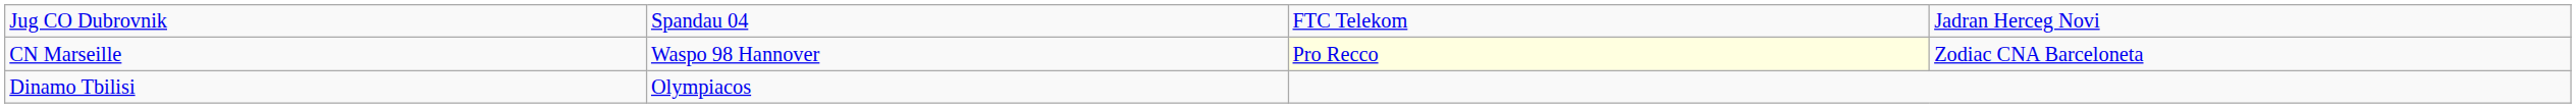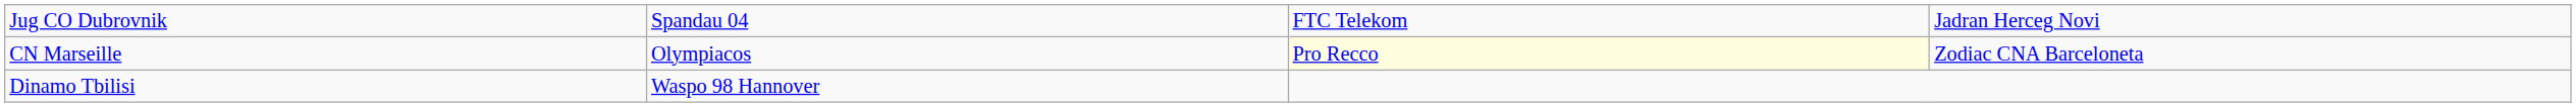 <table class="wikitable" style="table-layout:fixed;width:100%;">
 <tr>
 <td width=25%> <a href='#'>Jug CO Dubrovnik</a></td>
 <td width=25%> <a href='#'>Spandau 04</a></td>
 <td width=25%> <a href='#'>FTC Telekom</a></td>
 <td width=25%> <a href='#'>Jadran Herceg Novi</a></td>
 </tr>
 <tr>
 <td width=25%> <a href='#'>CN Marseille</a></td>
-<td width=25%> <a href='#'>Waspo 98 Hannover</a></td>
+<td width=25%> <a href='#'>Olympiacos</a></td>
 <td width=25% style="background: lightyellow;"> <a href='#'>Pro Recco</a></td>
 <td width=25%> <a href='#'>Zodiac CNA Barceloneta</a></td>
 </tr>
 <tr>
 <td width=25%> <a href='#'>Dinamo Tbilisi</a></td>
-<td width=25%> <a href='#'>Olympiacos</a></td>
+<td width=25%> <a href='#'>Waspo 98 Hannover</a></td>
 </tr>
 </table>
